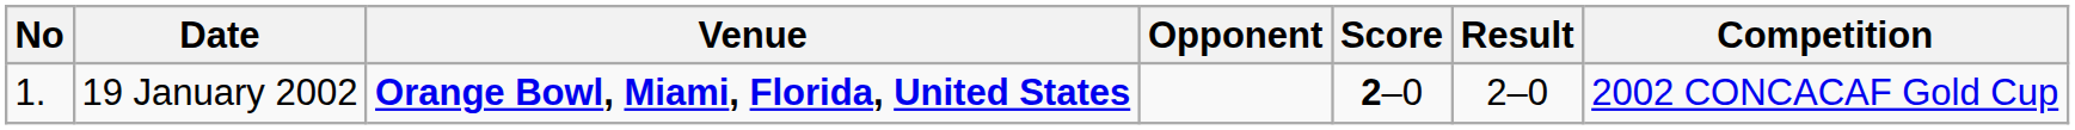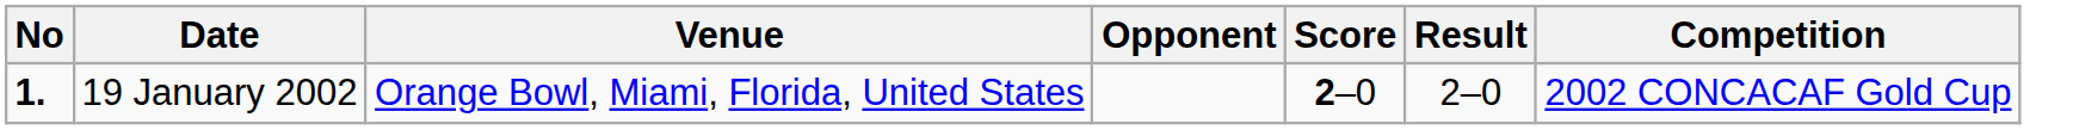 <table class="wikitable" style="font-size:85%;">
 <tr>
 <th>No</th>
 <th>Date</th>
 <th>Venue</th>
 <th>Opponent</th>
 <th>Score</th>
 <th>Result</th>
 <th>Competition</th>
 </tr>
 <tr>
-<td>1.</td>
+<td><strong>1.</strong></td>
 <td>19 January 2002</td>
-<td><strong><a href='#'>Orange Bowl</a>, <a href='#'>Miami</a>, <a href='#'>Florida</a>, <a href='#'>United States</a></strong></td>
+<td><a href='#'>Orange Bowl</a>, <a href='#'>Miami</a>, <a href='#'>Florida</a>, <a href='#'>United States</a></td>
 <td></td>
 <td align=center><strong>2</strong>–0</td>
 <td align=center>2–0</td>
 <td rowspan="2"><a href='#'>2002 CONCACAF Gold Cup</a></td>
 </tr>
 </table>
